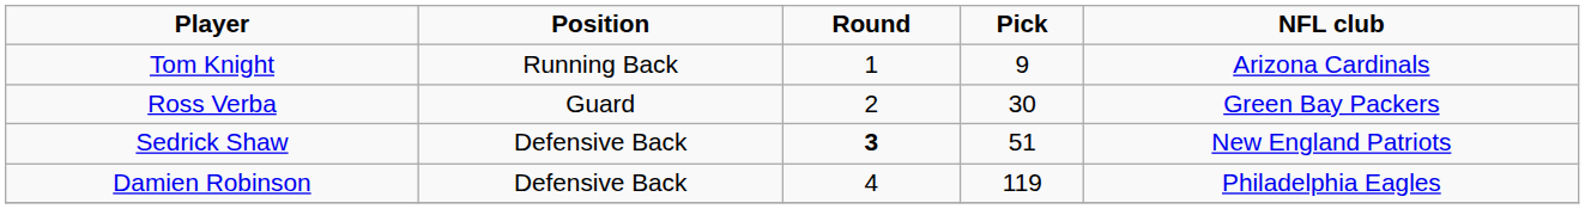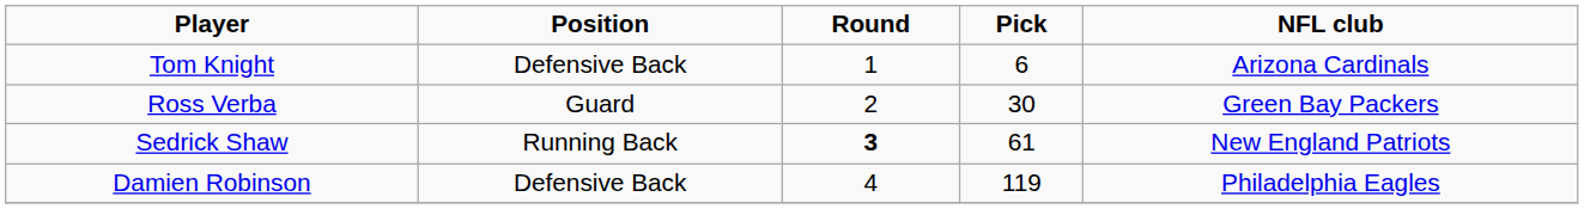 <table class="wikitable" width="80%">
 <tr align="center">
 <td><strong>Player</strong></td>
 <td><strong>Position</strong></td>
 <td><strong>Round</strong></td>
 <td><strong>Pick</strong></td>
 <td><strong>NFL club</strong></td>
 </tr>
 <tr align="center" bgcolor="">
 <td><a href='#'>Tom Knight</a></td>
-<td>Running Back</td>
+<td>Defensive Back</td>
 <td>1</td>
-<td>9</td>
+<td>6</td>
 <td><a href='#'>Arizona Cardinals</a></td>
 </tr>
 <tr align="center" bgcolor="">
 <td><a href='#'>Ross Verba</a></td>
 <td>Guard</td>
 <td>2</td>
 <td>30</td>
 <td><a href='#'>Green Bay Packers</a></td>
 </tr>
 <tr align="center" bgcolor="">
 <td><a href='#'>Sedrick Shaw</a></td>
-<td>Defensive Back</td>
+<td>Running Back</td>
 <td><strong>3</strong></td>
-<td>51</td>
+<td>61</td>
 <td><a href='#'>New England Patriots</a></td>
 </tr>
 <tr align="center" bgcolor="">
 <td><a href='#'>Damien Robinson</a></td>
 <td>Defensive Back</td>
 <td>4</td>
 <td>119</td>
 <td><a href='#'>Philadelphia Eagles</a></td>
 </tr>
 <tr align="center" bgcolor="">
 </tr>
 </table>
